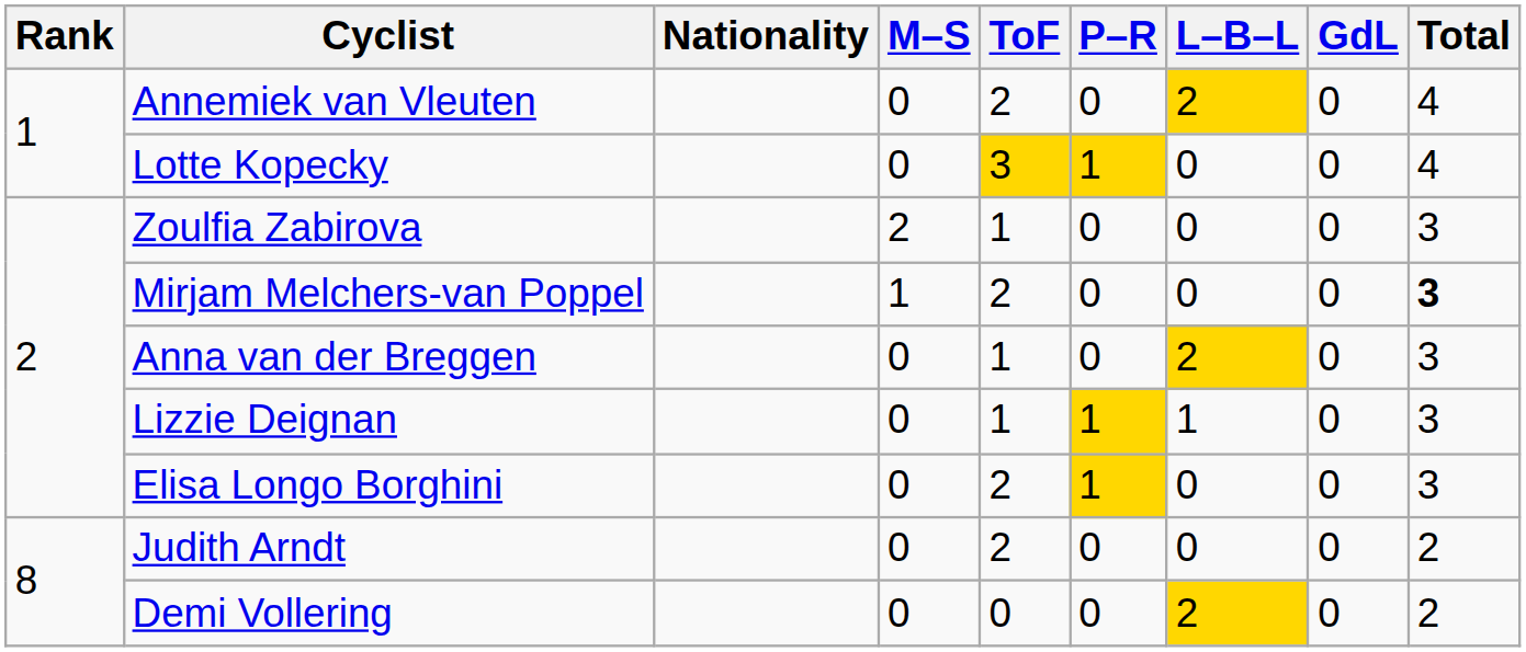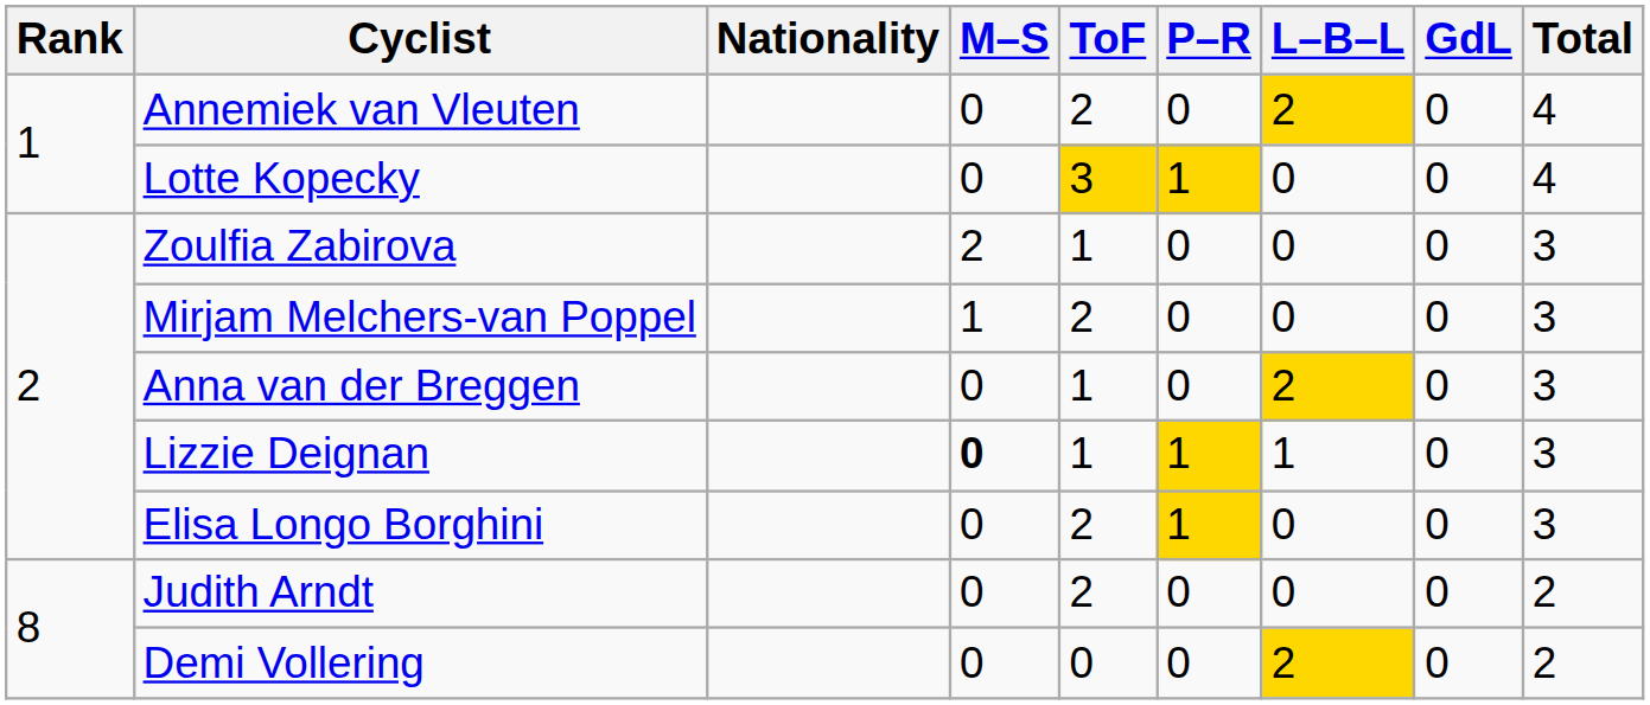 <table class="wikitable sortable">
 <tr>
 <th>Rank</th>
 <th>Cyclist</th>
 <th>Nationality</th>
 <th><a href='#'>M–S</a></th>
 <th><a href='#'>ToF</a></th>
 <th><a href='#'>P–R</a></th>
 <th><a href='#'>L–B–L</a></th>
 <th><a href='#'>GdL</a></th>
 <th>Total</th>
 </tr>
 <tr>
 <td rowspan="2">1</td>
 <td><a href='#'>Annemiek van Vleuten</a></td>
 <td></td>
 <td>0</td>
 <td>2</td>
 <td>0</td>
 <td bgcolor=gold>2</td>
 <td>0</td>
 <td>4</td>
 </tr>
 <tr>
 <td><a href='#'>Lotte Kopecky</a></td>
 <td></td>
 <td>0</td>
 <td bgcolor=gold>3</td>
 <td bgcolor=gold>1</td>
 <td>0</td>
 <td>0</td>
 <td>4</td>
 </tr>
 <tr>
 <td rowspan="5">2</td>
 <td><a href='#'>Zoulfia Zabirova</a></td>
 <td></td>
 <td>2</td>
 <td>1</td>
 <td>0</td>
 <td>0</td>
 <td>0</td>
 <td>3</td>
 </tr>
 <tr>
 <td><a href='#'>Mirjam Melchers-van Poppel</a></td>
 <td></td>
 <td>1</td>
 <td>2</td>
 <td>0</td>
 <td>0</td>
 <td>0</td>
-<td><strong>3</strong></td>
+<td>3</td>
 </tr>
 <tr>
 <td><a href='#'>Anna van der Breggen</a></td>
 <td></td>
 <td>0</td>
 <td>1</td>
 <td>0</td>
 <td bgcolor=gold>2</td>
 <td>0</td>
 <td>3</td>
 </tr>
 <tr>
 <td><a href='#'>Lizzie Deignan</a></td>
 <td></td>
-<td>0</td>
+<td><strong>0</strong></td>
 <td>1</td>
 <td bgcolor=gold>1</td>
 <td>1</td>
 <td>0</td>
 <td>3</td>
 </tr>
 <tr>
 <td><a href='#'>Elisa Longo Borghini</a></td>
 <td></td>
 <td>0</td>
 <td>2</td>
 <td bgcolor=gold>1</td>
 <td>0</td>
 <td>0</td>
 <td>3</td>
 </tr>
 <tr>
 <td rowspan="2">8</td>
 <td><a href='#'>Judith Arndt</a></td>
 <td></td>
 <td>0</td>
 <td>2</td>
 <td>0</td>
 <td>0</td>
 <td>0</td>
 <td>2</td>
 </tr>
 <tr>
 <td><a href='#'>Demi Vollering</a></td>
 <td></td>
 <td>0</td>
 <td>0</td>
 <td>0</td>
 <td bgcolor=gold>2</td>
 <td>0</td>
 <td>2</td>
 </tr>
 </table>
